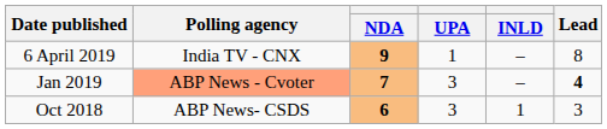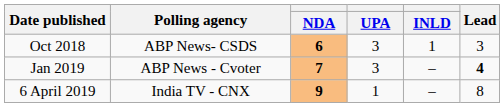 <table class="wikitable sortable" style="text-align:center;font-size:95%;line-height:16px">
 <tr>
 <th rowspan="2" width="100px">Date published</th>
 <th rowspan="2" width="175px">Polling agency</th>
 <th style="background:"></th>
 <th style="background:"></th>
 <th style="background:"></th>
 <th rowspan="2">Lead</th>
 </tr>
 <tr>
 <th width="50px" class="unsortable"><a href='#'>NDA</a></th>
 <th width="50px" class="unsortable"><a href='#'>UPA</a></th>
 <th width="50px" class="unsortable"><a href='#'>INLD</a></th>
 </tr>
 <tr>
+<td>Oct 2018</td>
+<td>ABP News- CSDS</td>
+<td style="background:#F9BC7F"><strong>6</strong></td>
+<td>3</td>
+<td>1</td>
+<td style="background:"><span>3</span></td>
+</tr>
+<tr>
+<td>Jan 2019</td>
+<td>ABP News - Cvoter</td>
+<td style="background:#F9BC7F"><strong>7</strong></td>
+<td>3</td>
+<td>–</td>
+<td style="background:"><strong><span>4</span></strong></td>
+</tr>
+<tr>
 <td>6 April 2019</td>
 <td>India TV - CNX</td>
 <td style="background:#F9BC7F"><strong>9</strong></td>
 <td>1</td>
 <td>–</td>
 <td style="background:"><span>8</span></td>
 </tr>
-<tr>
-<td>Jan 2019</td>
-<td style="background: lightsalmon;">ABP News - Cvoter</td>
-<td style="background:#F9BC7F"><strong>7</strong></td>
-<td>3</td>
-<td>–</td>
-<td style="background:"><strong><span>4</span></strong></td>
-</tr>
-<tr>
-<td>Oct 2018</td>
-<td>ABP News- CSDS</td>
-<td style="background:#F9BC7F"><strong>6</strong></td>
-<td>3</td>
-<td>1</td>
-<td style="background:"><span>3</span></td>
-</tr>
 </table>
